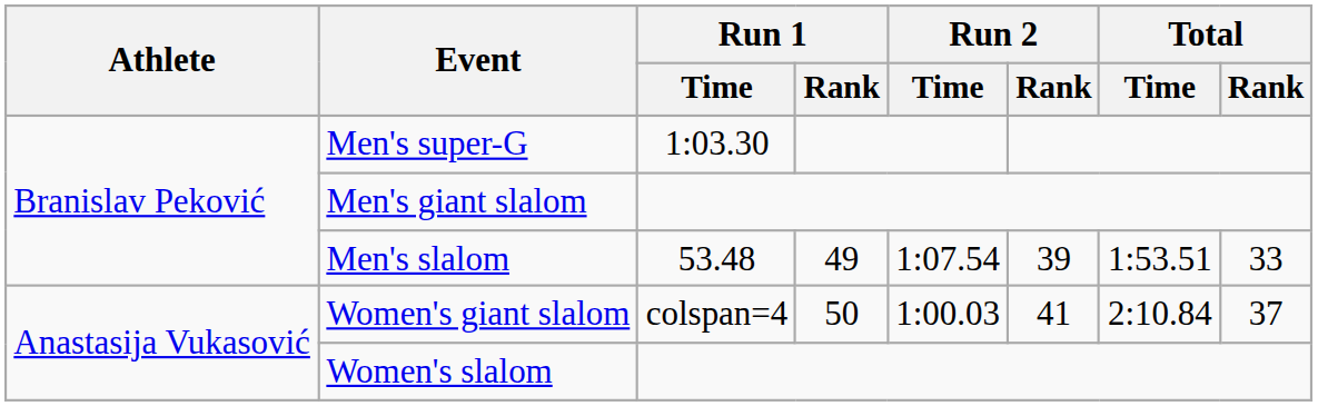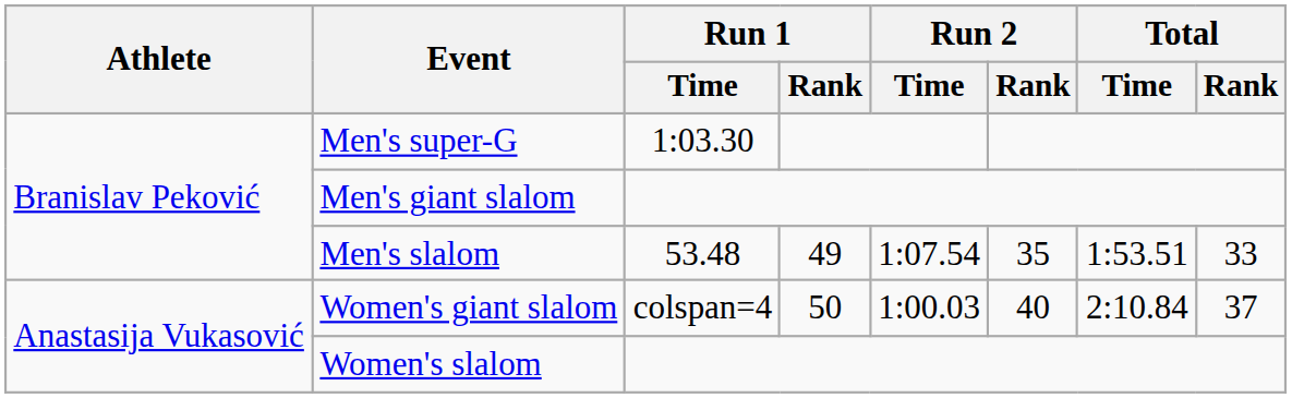 <table class="wikitable" style="font-size:90%">
 <tr>
 <th rowspan=2>Athlete</th>
 <th rowspan=2>Event</th>
 <th colspan=2>Run 1</th>
 <th colspan=2>Run 2</th>
 <th colspan=2>Total</th>
 </tr>
 <tr style="font-size:95%">
 <th>Time</th>
 <th>Rank</th>
 <th>Time</th>
 <th>Rank</th>
 <th>Time</th>
 <th>Rank</th>
 </tr>
 <tr align=center>
 <td align=left rowspan=3><a href='#'>Branislav Peković</a></td>
 <td align=left><a href='#'>Men's super-G</a></td>
 <td>1:03.30</td>
 <td colspan=2></td>
 </tr>
 <tr align=center>
 <td align=left><a href='#'>Men's giant slalom</a></td>
 <td colspan=6></td>
 </tr>
 <tr align=center>
 <td align=left><a href='#'>Men's slalom</a></td>
 <td>53.48</td>
 <td>49</td>
 <td>1:07.54</td>
-<td>39</td>
+<td>35</td>
 <td>1:53.51</td>
 <td>33</td>
 </tr>
 <tr align=center>
 <td align=left rowspan="2"><a href='#'>Anastasija Vukasović</a></td>
 <td align=left><a href='#'>Women's giant slalom</a></td>
 <td>colspan=4 </td>
 <td>50</td>
 <td>1:00.03</td>
-<td>41</td>
+<td>40</td>
 <td>2:10.84</td>
 <td>37</td>
 </tr>
 <tr align=center>
 <td align=left><a href='#'>Women's slalom</a></td>
 <td colspan=6></td>
 </tr>
 </table>
